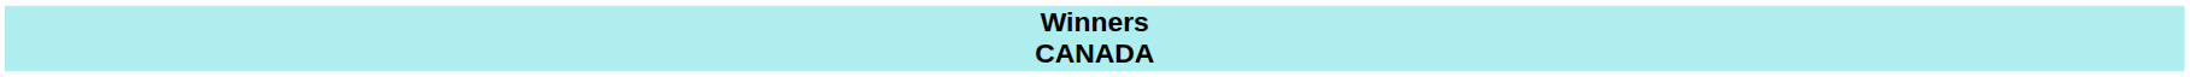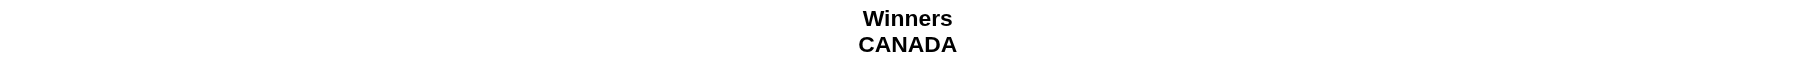 <table cellspacing=0 width=100%>
 <tr>
 <td align=center></td>
 </tr>
 <tr>
-<td align=center style="background: paleturquoise;"><strong>Winners<br>CANADA</strong></td>
+<td align=center><strong>Winners<br>CANADA</strong></td>
 </tr>
 </table>
